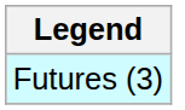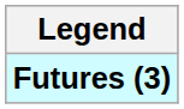 <table class="wikitable">
 <tr>
 <th>Legend</th>
 </tr>
 <tr bgcolor="CFFCFF">
-<td>Futures (3)</td>
+<td><strong>Futures (3)</strong></td>
 </tr>
 </table>
